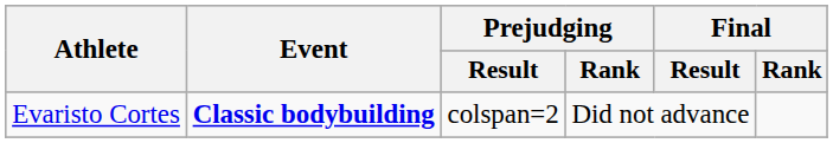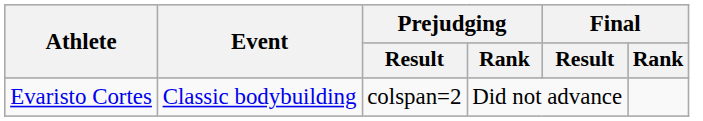 <table class=wikitable style="font-size:90%">
 <tr>
 <th rowspan="2">Athlete</th>
 <th rowspan="2">Event</th>
 <th colspan="2">Prejudging</th>
 <th colspan="2">Final</th>
 </tr>
 <tr style="font-size:95%">
 <th>Result</th>
 <th>Rank</th>
 <th>Result</th>
 <th>Rank</th>
 </tr>
 <tr align=center>
 <td align=left><a href='#'>Evaristo Cortes</a></td>
-<td align=left><strong><a href='#'>Classic bodybuilding</a></strong></td>
+<td align=left><a href='#'>Classic bodybuilding</a></td>
 <td>colspan=2 </td>
 <td colspan=2>Did not advance</td>
 </tr>
 </table>
